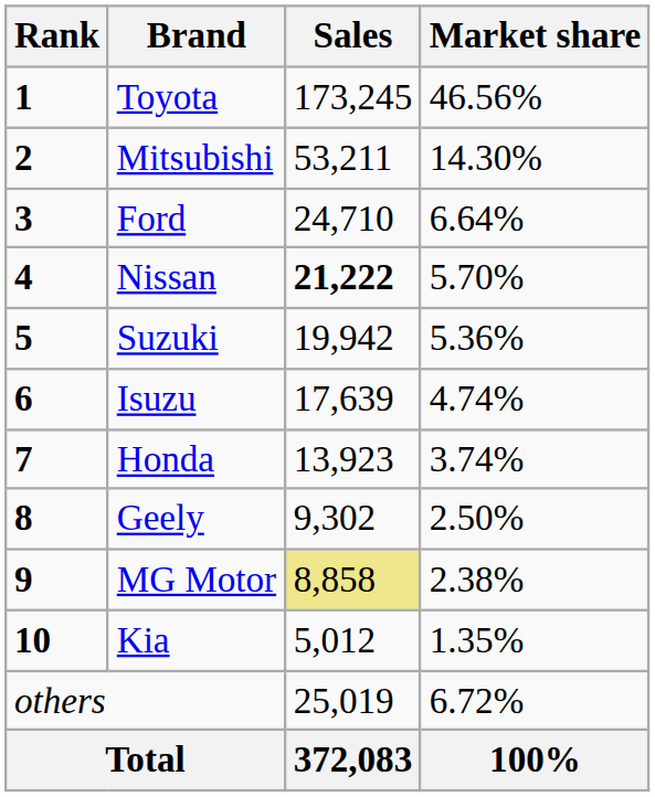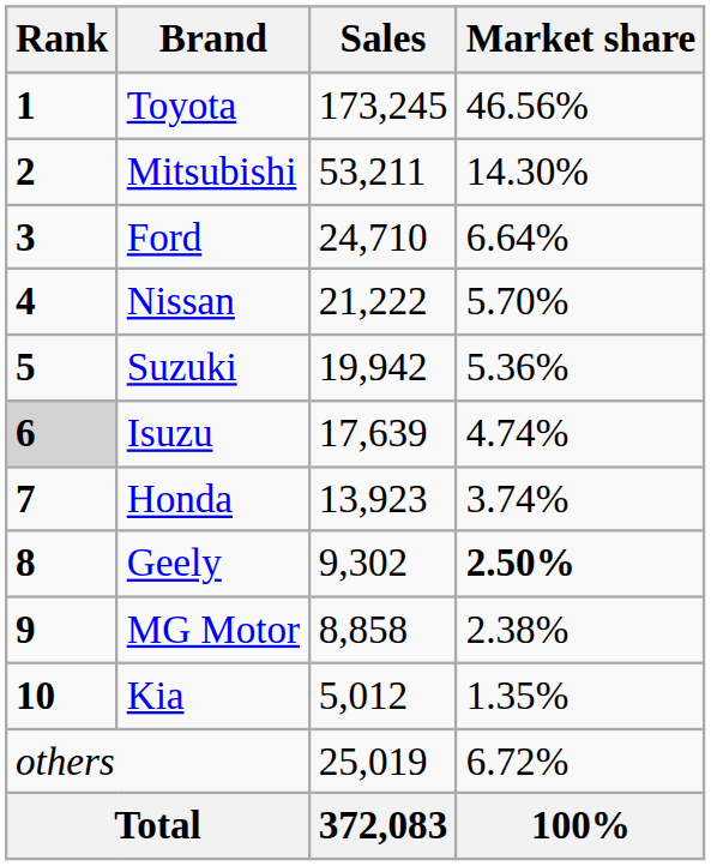 <table class="wikitable" align="left" style="text-align: left; font-size:90%;">
 <tr>
 <th>Rank</th>
 <th>Brand</th>
 <th>Sales</th>
 <th>Market share</th>
 </tr>
 <tr>
 <td><strong>1</strong></td>
 <td><a href='#'>Toyota</a></td>
 <td>173,245</td>
 <td>46.56%</td>
 </tr>
 <tr>
 <td><strong>2</strong></td>
 <td><a href='#'>Mitsubishi</a></td>
 <td>53,211</td>
 <td>14.30%</td>
 </tr>
 <tr>
 <td><strong>3</strong></td>
 <td><a href='#'>Ford</a></td>
 <td>24,710</td>
 <td>6.64%</td>
 </tr>
 <tr>
 <td><strong>4</strong></td>
 <td><a href='#'>Nissan</a></td>
-<td><strong>21,222</strong></td>
+<td>21,222</td>
 <td>5.70%</td>
 </tr>
 <tr>
 <td><strong>5</strong></td>
 <td><a href='#'>Suzuki</a></td>
 <td>19,942</td>
 <td>5.36%</td>
 </tr>
 <tr>
-<td><strong>6</strong></td>
+<td style="background: lightgrey;"><strong>6</strong></td>
 <td><a href='#'>Isuzu</a></td>
 <td>17,639</td>
 <td>4.74%</td>
 </tr>
 <tr>
 <td><strong>7</strong></td>
 <td><a href='#'>Honda</a></td>
 <td>13,923</td>
 <td>3.74%</td>
 </tr>
 <tr>
 <td><strong>8</strong></td>
 <td><a href='#'>Geely</a></td>
 <td>9,302</td>
-<td>2.50%</td>
+<td><strong>2.50%</strong></td>
 </tr>
 <tr>
 <td><strong>9</strong></td>
 <td><a href='#'>MG Motor</a></td>
-<td style="background: khaki;">8,858</td>
+<td>8,858</td>
 <td>2.38%</td>
 </tr>
 <tr>
 <td><strong>10</strong></td>
 <td><a href='#'>Kia</a></td>
 <td>5,012</td>
 <td>1.35%</td>
 </tr>
 <tr>
 <td colspan="2"><em>others</em></td>
 <td>25,019</td>
 <td>6.72%</td>
 </tr>
 <tr>
 <th colspan="2">Total</th>
 <th>372,083</th>
 <th>100%</th>
 </tr>
 </table>
